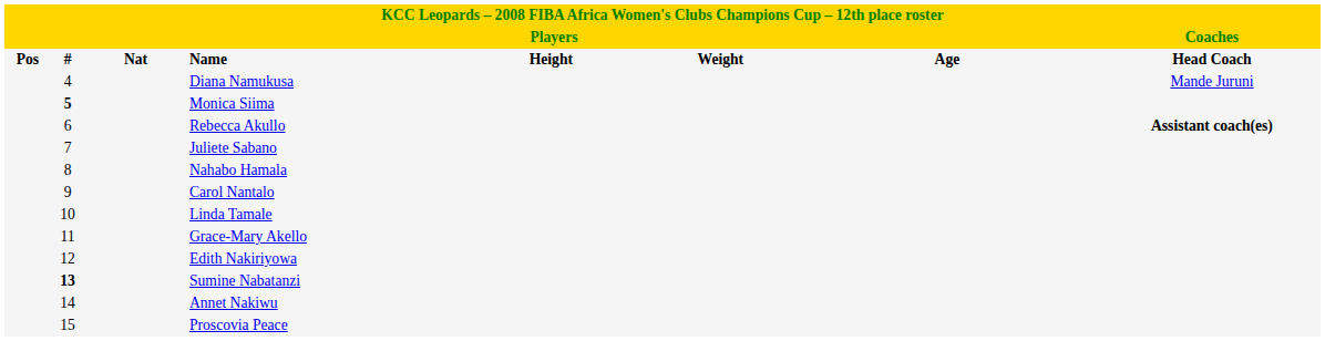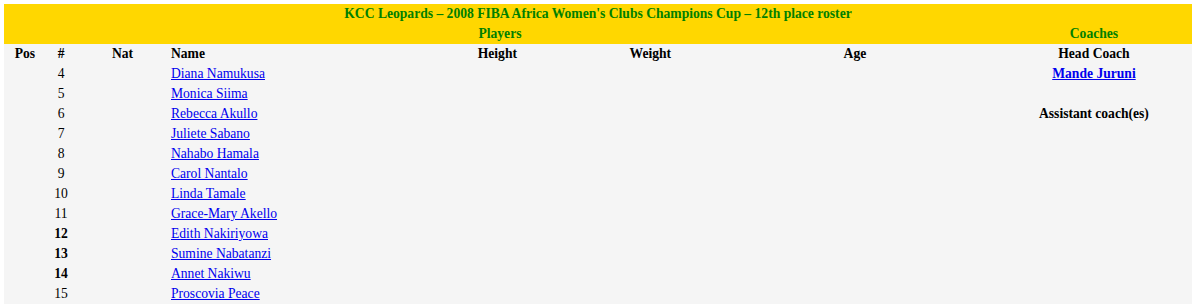 <table border=0 cellpadding=2 cellspacing=0  |- bgcolor=#f5f5f5 style="text-align:center; font-size:85%;" width=75%>
 <tr>
 <td colspan="8" style="background: #ffd700; color: green"><strong>KCC Leopards – 2008 FIBA Africa Women's Clubs Champions Cup – 12th place roster</strong></td>
 </tr>
 <tr>
 <td colspan="7" style="background: #ffd700; color: green"><strong>Players</strong></td>
 <td style="background: #ffd700; color: green"><strong>Coaches</strong></td>
 </tr>
 <tr style="background=#f5f5f5; color: black">
 <th width=5px>Pos</th>
 <th width=5px>#</th>
 <th width=50px>Nat</th>
 <th width=135px align=left>Name</th>
 <th width=100px>Height</th>
 <th width=70px>Weight</th>
 <th width=160px>Age</th>
 <th width=110px>Head Coach</th>
 </tr>
 <tr>
 <td></td>
 <td>4</td>
 <td></td>
 <td align=left><a href='#'>Diana Namukusa</a></td>
 <td></td>
 <td></td>
 <td><span></span></td>
-<td> <a href='#'>Mande Juruni</a></td>
+<td><strong> <a href='#'>Mande Juruni</a></strong></td>
 </tr>
 <tr>
 <td></td>
-<td><strong>5</strong></td>
+<td>5</td>
 <td></td>
 <td align=left><a href='#'>Monica Siima</a></td>
 <td></td>
 <td></td>
 <td><span></span></td>
 </tr>
 <tr>
 <td></td>
 <td>6</td>
 <td></td>
 <td align=left><a href='#'>Rebecca Akullo</a></td>
 <td></td>
 <td></td>
 <td><span></span></td>
 <td><strong>Assistant coach(es)</strong></td>
 </tr>
 <tr>
 <td></td>
 <td>7</td>
 <td></td>
 <td align=left><a href='#'>Juliete Sabano</a></td>
 <td></td>
 <td></td>
 <td><span></span></td>
 <td></td>
 </tr>
 <tr>
 <td></td>
 <td>8</td>
 <td></td>
 <td align=left><a href='#'>Nahabo Hamala</a></td>
 <td></td>
 <td></td>
 <td><span></span></td>
 </tr>
 <tr>
 <td></td>
 <td>9</td>
 <td></td>
 <td align=left><a href='#'>Carol Nantalo</a></td>
 <td></td>
 <td></td>
 <td><span></span></td>
 </tr>
 <tr>
 <td></td>
 <td>10</td>
 <td></td>
 <td align=left><a href='#'>Linda Tamale</a></td>
 <td></td>
 <td></td>
 <td><span></span></td>
 </tr>
 <tr>
 <td></td>
 <td>11</td>
 <td></td>
 <td align=left><a href='#'>Grace-Mary Akello</a></td>
 <td></td>
 <td></td>
 <td><span></span></td>
 </tr>
 <tr>
 <td></td>
-<td>12</td>
+<td><strong>12</strong></td>
 <td></td>
 <td align=left><a href='#'>Edith Nakiriyowa</a></td>
 <td></td>
 <td></td>
 <td><span></span></td>
 </tr>
 <tr>
 <td></td>
 <td><strong>13</strong></td>
 <td></td>
 <td align=left><a href='#'>Sumine Nabatanzi</a></td>
 <td></td>
 <td></td>
 <td><span></span></td>
 </tr>
 <tr>
 <td></td>
-<td>14</td>
+<td><strong>14</strong></td>
 <td></td>
 <td align=left><a href='#'>Annet Nakiwu</a></td>
 <td></td>
 <td></td>
 <td><span></span></td>
 </tr>
 <tr>
 <td></td>
 <td>15</td>
 <td></td>
 <td align=left><a href='#'>Proscovia Peace</a></td>
 <td></td>
 <td></td>
 <td><span></span></td>
 </tr>
 </table>
